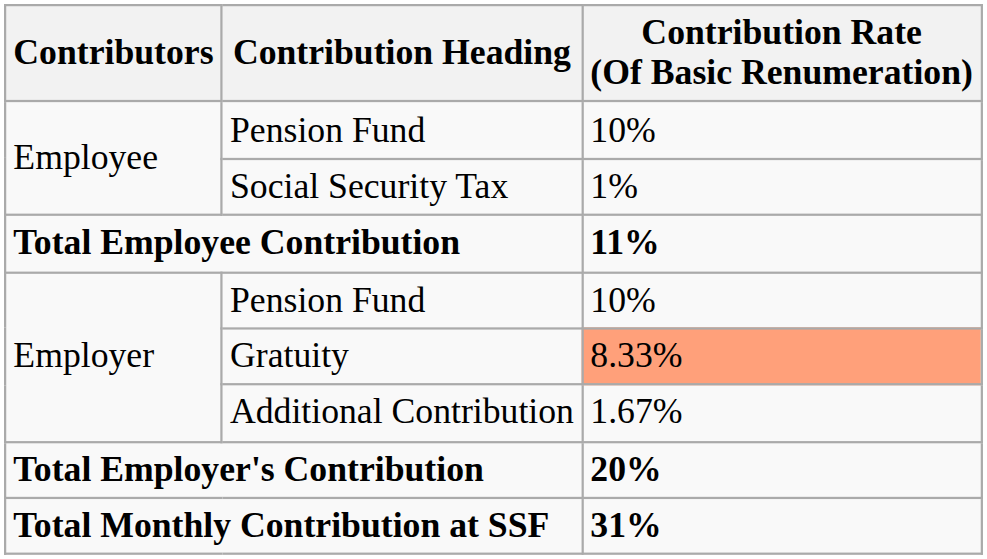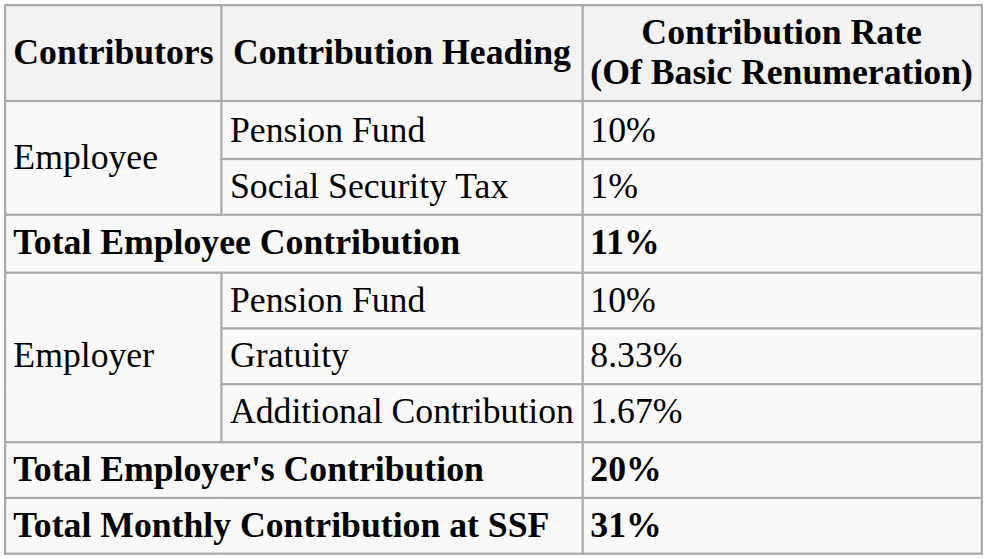 <table class="wikitable">
 <tr>
 <th>Contributors</th>
 <th>Contribution Heading</th>
 <th>Contribution Rate<br>(Of Basic Renumeration)</th>
 </tr>
 <tr>
 <td rowspan="2">Employee</td>
 <td>Pension Fund</td>
 <td>10%</td>
 </tr>
 <tr>
 <td>Social Security Tax</td>
 <td>1%</td>
 </tr>
 <tr>
 <td colspan="2"><strong>Total Employee Contribution</strong></td>
 <td><strong>11%</strong></td>
 </tr>
 <tr>
 <td rowspan="3">Employer</td>
 <td>Pension Fund</td>
 <td>10%</td>
 </tr>
 <tr>
 <td>Gratuity</td>
-<td style="background: lightsalmon;">8.33%</td>
+<td>8.33%</td>
 </tr>
 <tr>
 <td>Additional Contribution</td>
 <td>1.67%</td>
 </tr>
 <tr>
 <td colspan="2"><strong>Total Employer's Contribution</strong></td>
 <td><strong>20%</strong></td>
 </tr>
 <tr>
 <td colspan="2"><strong>Total Monthly Contribution at SSF</strong></td>
 <td><strong>31%</strong></td>
 </tr>
 </table>
